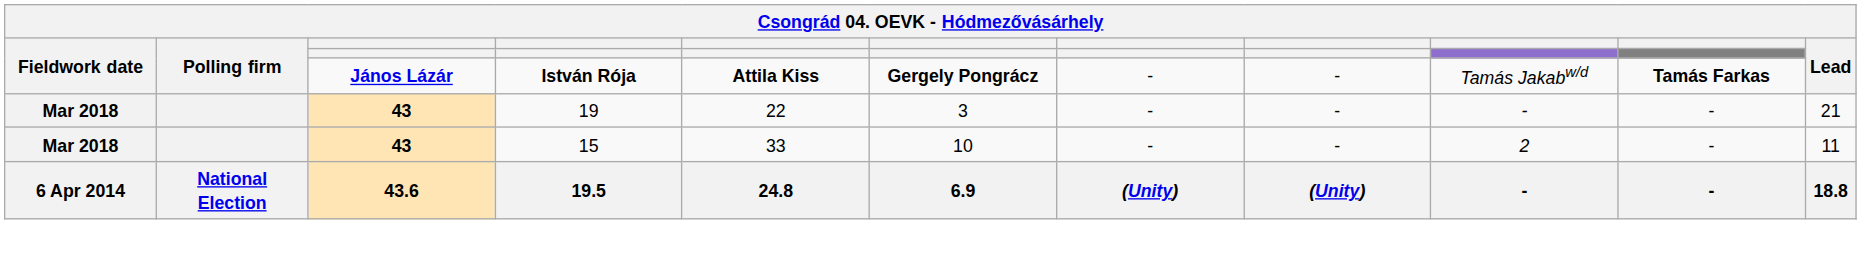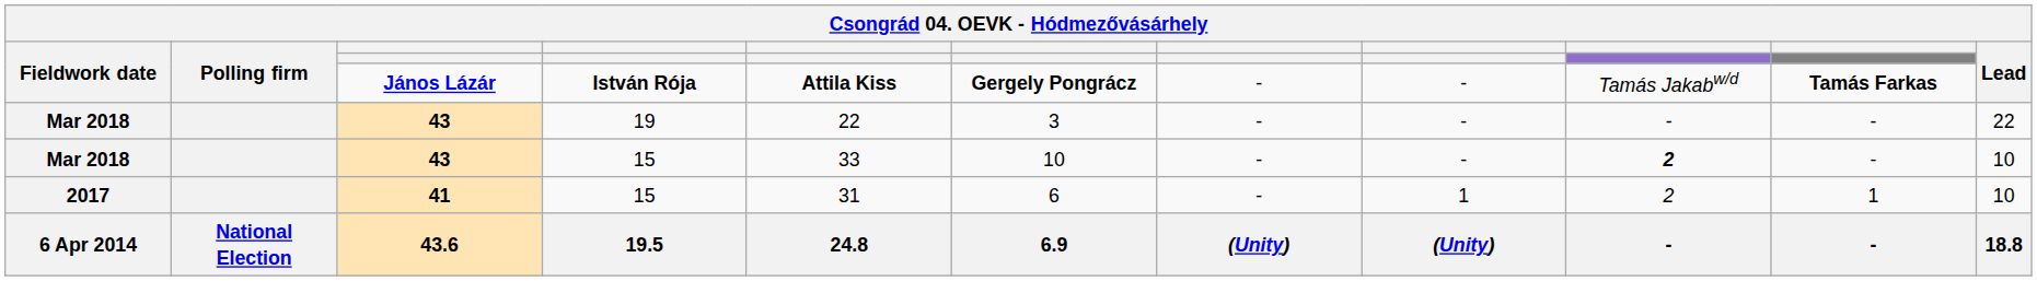 <table class="wikitable mw-collapsible mw-collapsed" style="text-align:center">
 <tr>
 <th colspan="11" style="width: 980pt;"><small><a href='#'>Csongrád</a> 04. OEVK -</small> <small><a href='#'>Hódmezővásárhely</a></small></th>
 </tr>
 <tr>
 <th rowspan="3" style="width: 80pt;"><small>Fieldwork</small> <small>date</small></th>
 <th rowspan="3" style="width: 80pt;"><strong><small>Polling</small> <small>firm</small></strong></th>
 <th style="width: 100pt;"><small></small></th>
 <th style="width: 100pt;"><small> </small></th>
 <th style="width: 100pt;"></th>
 <th style="width: 100pt;"></th>
 <th style="width: 100pt;"></th>
 <th style="width: 100pt;"></th>
 <th style="width: 100pt;"></th>
 <th style="width: 100pt;"></th>
 <th rowspan="3" style="width: 20pt;"><small>Lead</small></th>
 </tr>
 <tr>
 <th style="color:inherit;background:"></th>
 <th style="color:inherit;background:"></th>
 <th style="color:inherit;background:"></th>
 <th style="color:inherit;background:"></th>
 <th style="color:inherit;background:"></th>
 <th style="color:inherit;background:"></th>
 <th style="color:inherit;background:#8E6FCE;"></th>
 <th style="color:inherit;background:#808080;"></th>
 </tr>
 <tr>
 <td><small><strong><a href='#'>János Lázár</a></strong></small></td>
 <td><small><strong>István Rója</strong></small></td>
 <td><small><strong>Attila Kiss</strong></small></td>
 <td><small><strong>Gergely Pongrácz</strong></small></td>
 <td><small>-</small></td>
 <td><small>-</small></td>
 <td><small><em>Tamás Jakab<sup>w/d</sup></em></small></td>
 <td><small><strong>Tamás Farkas</strong></small></td>
 </tr>
 <tr>
 <th><small>Mar 2018</small></th>
 <th><small></small></th>
 <td style="background:#FFE5B4"><small><strong>43</strong></small></td>
 <td><small>19</small></td>
 <td><small>22</small></td>
 <td><small>3</small></td>
 <td><small>-</small></td>
 <td><small>-</small></td>
 <td><small><em>-</em></small></td>
 <td><small>-</small></td>
-<td style="background:"><small>21</small></td>
+<td style="background:"><small>22</small></td>
 </tr>
 <tr>
 <th><small>Mar 2018</small></th>
 <th></th>
 <td style="background:#FFE5B4"><small><strong>43</strong></small></td>
 <td><small>15</small></td>
 <td><small>33</small></td>
 <td><small>10</small></td>
 <td><small>-</small></td>
 <td><small>-</small></td>
+<td><strong><small><em>2</em></small></strong></td>
+<td><small>-</small></td>
+<td style="background:"><small>10</small></td>
+</tr>
+<tr>
+<th><small>2017</small></th>
+<th><small></small></th>
+<td style="background:#FFE5B4"><small><strong>41</strong></small></td>
+<td><small>15</small></td>
+<td><small>31</small></td>
+<td><small>6</small></td>
+<td><small>-</small></td>
+<td><small>1</small></td>
 <td><small><em>2</em></small></td>
-<td><small>-</small></td>
-<td style="background:"><small>11</small></td>
+<td><small>1</small></td>
+<td style="background:"><small>10</small></td>
 </tr>
 <tr>
 <th><small>6 Apr 2014</small></th>
 <th><a href='#'><small>National Election</small></a></th>
 <th style="background:#FFE5B4"><small><strong>43.6</strong></small></th>
 <th><small>19.5</small></th>
 <th><small>24.8</small></th>
 <th><small>6.9</small></th>
 <th><small><em>(<a href='#'>Unity</a>)</em></small></th>
 <th><small><em>(<a href='#'>Unity</a>)</em></small></th>
 <th><small>-</small></th>
 <th><small>-</small></th>
 <th style="background:"><small>18.8</small></th>
 </tr>
 </table>
